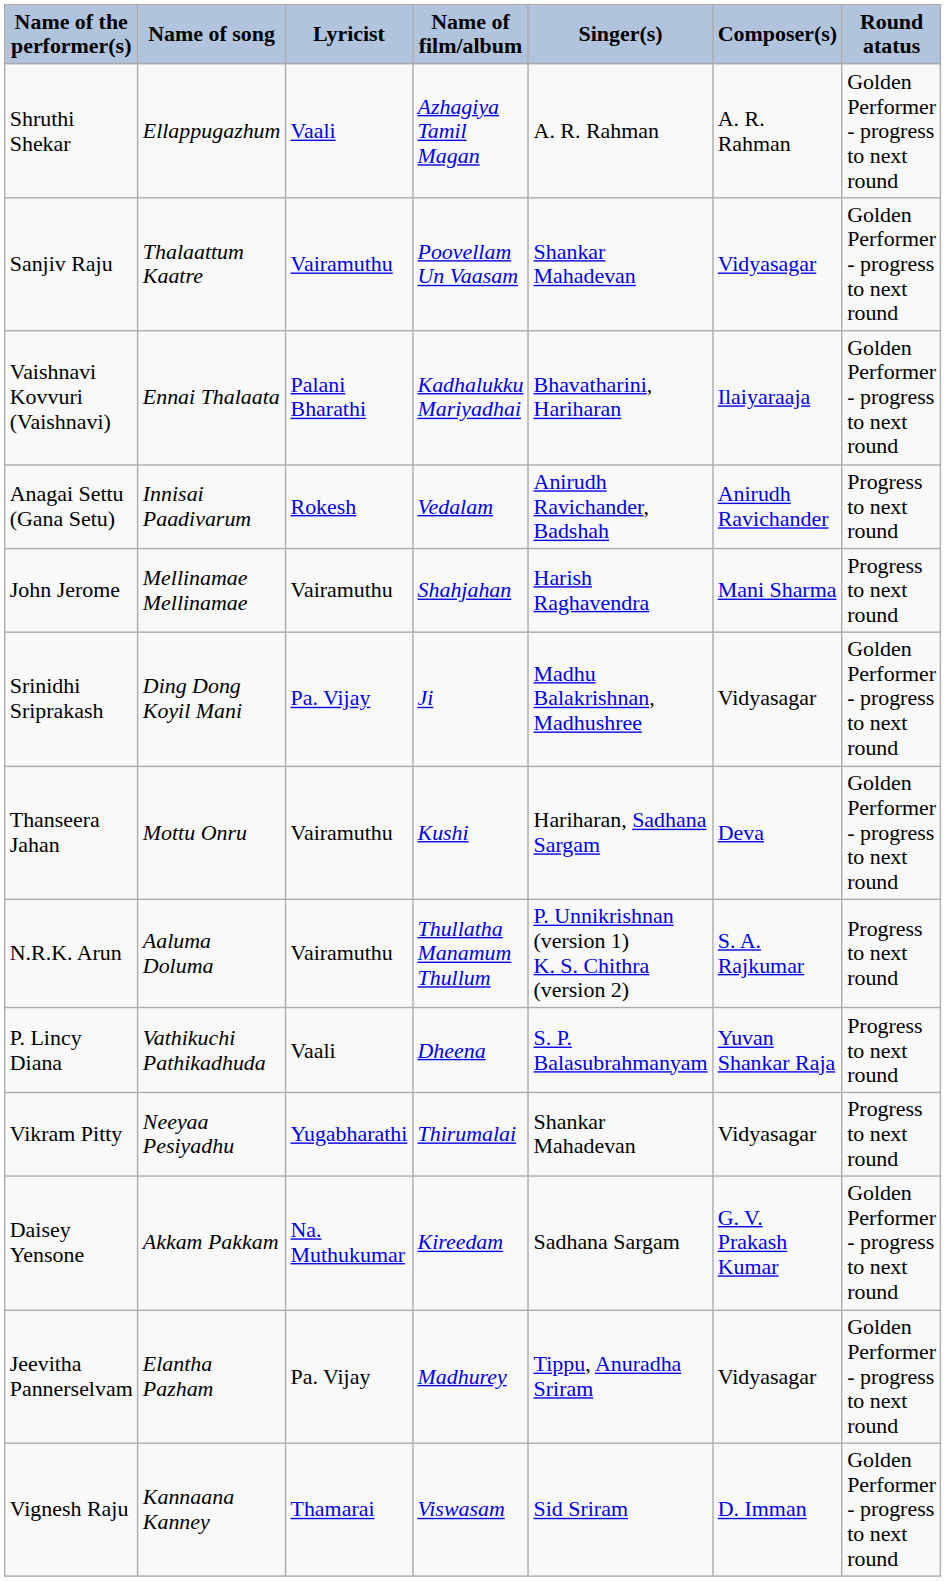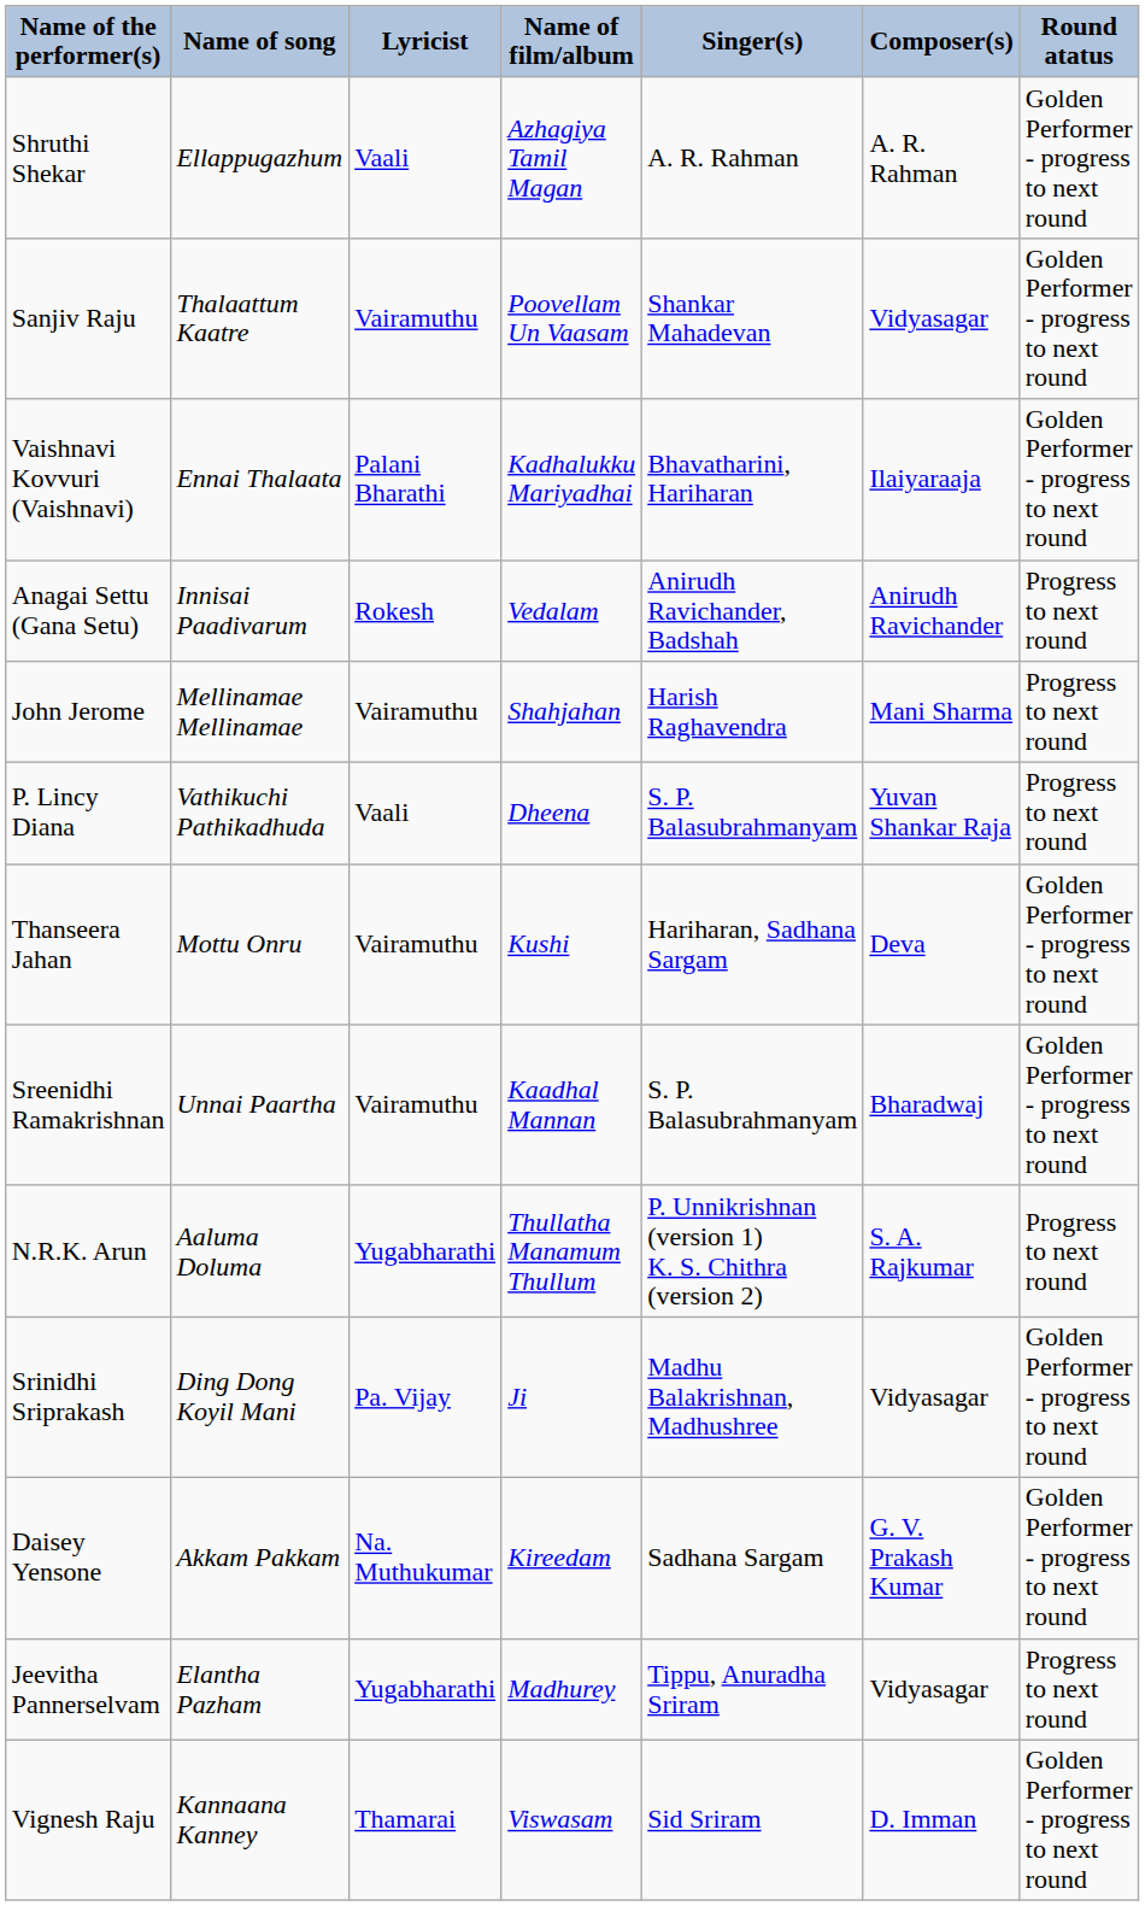 <table class="wikitable">
 <tr>
 <th style="width:5pt; background:LightSteelBlue;">Name of the performer(s)</th>
 <th style="width:5pt; background:LightSteelBlue;">Name of song</th>
 <th style="width:5pt; background:LightSteelBlue;">Lyricist</th>
 <th style="width:5pt; background:LightSteelBlue;">Name of film/album</th>
 <th style="width:5pt; background:LightSteelBlue;">Singer(s)</th>
 <th style="width:5pt; background:LightSteelBlue;">Composer(s)</th>
 <th style="width:5pt; background:LightSteelBlue;">Round atatus</th>
 </tr>
 <tr>
 <td>Shruthi Shekar</td>
 <td><em>Ellappugazhum</em></td>
 <td><a href='#'>Vaali</a></td>
 <td><a href='#'><em>Azhagiya Tamil Magan</em></a></td>
 <td>A. R. Rahman</td>
 <td>A. R. Rahman</td>
 <td>Golden Performer - progress to next round</td>
 </tr>
 <tr>
 <td>Sanjiv Raju</td>
 <td><em>Thalaattum Kaatre</em></td>
 <td><a href='#'>Vairamuthu</a></td>
 <td><a href='#'><em>Poovellam Un Vaasam</em></a></td>
 <td><a href='#'>Shankar Mahadevan</a></td>
 <td><a href='#'>Vidyasagar</a></td>
 <td>Golden Performer - progress to next round</td>
 </tr>
 <tr>
 <td>Vaishnavi Kovvuri (Vaishnavi)</td>
 <td><em>Ennai Thalaata</em></td>
 <td><a href='#'>Palani Bharathi</a></td>
 <td><a href='#'><em>Kadhalukku Mariyadhai</em></a></td>
 <td><a href='#'>Bhavatharini</a>, <a href='#'>Hariharan</a></td>
 <td><a href='#'>Ilaiyaraaja</a></td>
 <td>Golden Performer - progress to next round</td>
 </tr>
 <tr>
 <td>Anagai Settu (Gana Setu)</td>
 <td><em>Innisai Paadivarum</em></td>
 <td><a href='#'>Rokesh</a></td>
 <td><a href='#'><em>Vedalam</em></a></td>
 <td><a href='#'>Anirudh Ravichander</a>, <a href='#'>Badshah</a></td>
 <td><a href='#'>Anirudh Ravichander</a></td>
 <td>Progress to next round</td>
 </tr>
 <tr>
 <td>John Jerome</td>
 <td><em>Mellinamae Mellinamae</em></td>
 <td>Vairamuthu</td>
 <td><a href='#'><em>Shahjahan</em></a></td>
 <td><a href='#'>Harish Raghavendra</a></td>
 <td><a href='#'>Mani Sharma</a></td>
 <td>Progress to next round</td>
 </tr>
 <tr>
-<td>Srinidhi Sriprakash</td>
-<td><em>Ding Dong Koyil Mani</em></td>
-<td><a href='#'>Pa. Vijay</a></td>
-<td><a href='#'><em>Ji</em></a></td>
-<td><a href='#'>Madhu Balakrishnan</a>, <a href='#'>Madhushree</a></td>
-<td>Vidyasagar</td>
-<td>Golden Performer - progress to next round</td>
+<td>P. Lincy Diana</td>
+<td><em>Vathikuchi Pathikadhuda</em></td>
+<td>Vaali</td>
+<td><a href='#'><em>Dheena</em></a></td>
+<td><a href='#'>S. P. Balasubrahmanyam</a></td>
+<td><a href='#'>Yuvan Shankar Raja</a></td>
+<td>Progress to next round</td>
 </tr>
 <tr>
 <td>Thanseera Jahan</td>
 <td><em>Mottu Onru</em></td>
 <td>Vairamuthu</td>
 <td><a href='#'><em>Kushi</em></a></td>
 <td>Hariharan, <a href='#'>Sadhana Sargam</a></td>
 <td><a href='#'>Deva</a></td>
 <td>Golden Performer - progress to next round</td>
 </tr>
 <tr>
+<td>Sreenidhi Ramakrishnan</td>
+<td><em>Unnai Paartha</em></td>
+<td>Vairamuthu</td>
+<td><a href='#'><em>Kaadhal Mannan</em></a></td>
+<td>S. P. Balasubrahmanyam</td>
+<td><a href='#'>Bharadwaj</a></td>
+<td>Golden Performer - progress to next round</td>
+</tr>
+<tr>
 <td>N.R.K. Arun</td>
 <td><em>Aaluma Doluma</em></td>
-<td>Vairamuthu</td>
+<td><a href='#'>Yugabharathi</a></td>
 <td><a href='#'><em>Thullatha Manamum Thullum</em></a></td>
 <td><a href='#'>P. Unnikrishnan</a> (version 1)<br><a href='#'>K. S. Chithra</a> (version 2)</td>
 <td><a href='#'>S. A. Rajkumar</a></td>
 <td>Progress to next round</td>
 </tr>
 <tr>
-<td>P. Lincy Diana</td>
-<td><em>Vathikuchi Pathikadhuda</em></td>
-<td>Vaali</td>
-<td><a href='#'><em>Dheena</em></a></td>
-<td><a href='#'>S. P. Balasubrahmanyam</a></td>
-<td><a href='#'>Yuvan Shankar Raja</a></td>
-<td>Progress to next round</td>
-</tr>
-<tr>
-<td>Vikram Pitty</td>
-<td><em>Neeyaa Pesiyadhu</em></td>
-<td><a href='#'>Yugabharathi</a></td>
-<td><a href='#'><em>Thirumalai</em></a></td>
-<td>Shankar Mahadevan</td>
+<td>Srinidhi Sriprakash</td>
+<td><em>Ding Dong Koyil Mani</em></td>
+<td><a href='#'>Pa. Vijay</a></td>
+<td><a href='#'><em>Ji</em></a></td>
+<td><a href='#'>Madhu Balakrishnan</a>, <a href='#'>Madhushree</a></td>
 <td>Vidyasagar</td>
-<td>Progress to next round</td>
+<td>Golden Performer - progress to next round</td>
 </tr>
 <tr>
 <td>Daisey Yensone</td>
 <td><em>Akkam Pakkam</em></td>
 <td><a href='#'>Na. Muthukumar</a></td>
 <td><a href='#'><em>Kireedam</em></a></td>
 <td>Sadhana Sargam</td>
 <td><a href='#'>G. V. Prakash Kumar</a></td>
 <td>Golden Performer - progress to next round</td>
 </tr>
 <tr>
 <td>Jeevitha Pannerselvam</td>
 <td><em>Elantha Pazham</em></td>
-<td>Pa. Vijay</td>
+<td><a href='#'>Yugabharathi</a></td>
 <td><a href='#'><em>Madhurey</em></a></td>
 <td><a href='#'>Tippu</a>, <a href='#'>Anuradha Sriram</a></td>
 <td>Vidyasagar</td>
-<td>Golden Performer - progress to next round</td>
+<td>Progress to next round</td>
 </tr>
 <tr>
 <td>Vignesh Raju</td>
 <td><em>Kannaana Kanney</em></td>
 <td><a href='#'>Thamarai</a></td>
 <td><a href='#'><em>Viswasam</em></a></td>
 <td><a href='#'>Sid Sriram</a></td>
 <td><a href='#'>D. Imman</a></td>
 <td>Golden Performer - progress to next round</td>
 </tr>
 </table>
